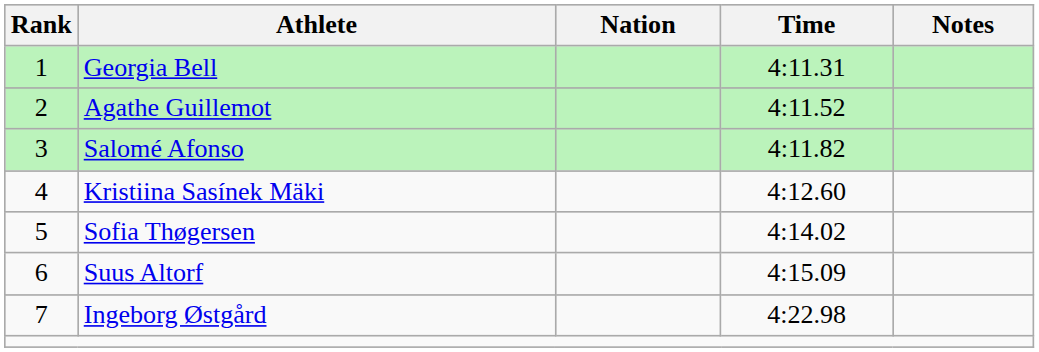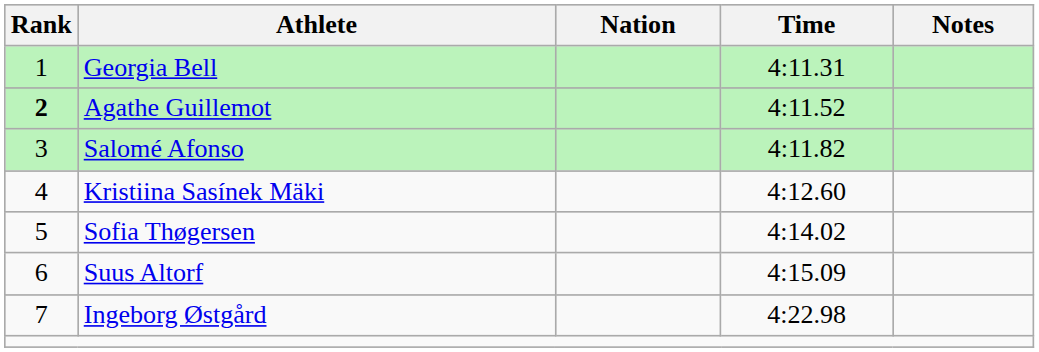 <table class="wikitable sortable" style="text-align:center;width: 50%;">
 <tr>
 <th scope="col" style="width: 10px;">Rank</th>
 <th scope="col">Athlete</th>
 <th scope="col">Nation</th>
 <th scope="col">Time</th>
 <th scope="col">Notes</th>
 </tr>
 <tr bgcolor=bbf3bb>
 <td>1</td>
 <td align=left><a href='#'>Georgia Bell</a></td>
 <td align=left></td>
 <td>4:11.31</td>
 <td></td>
 </tr>
 <tr bgcolor=bbf3bb>
-<td>2</td>
+<td><strong>2</strong></td>
 <td align=left><a href='#'>Agathe Guillemot</a></td>
 <td align=left></td>
 <td>4:11.52</td>
 <td></td>
 </tr>
 <tr bgcolor=bbf3bb>
 <td>3</td>
 <td align=left><a href='#'>Salomé Afonso</a></td>
 <td align=left></td>
 <td>4:11.82</td>
 <td></td>
 </tr>
 <tr>
 <td>4</td>
 <td align=left><a href='#'>Kristiina Sasínek Mäki</a></td>
 <td align=left></td>
 <td>4:12.60</td>
 <td></td>
 </tr>
 <tr>
 <td>5</td>
 <td align=left><a href='#'>Sofia Thøgersen</a></td>
 <td align=left></td>
 <td>4:14.02</td>
 <td></td>
 </tr>
 <tr>
 <td>6</td>
 <td align=left><a href='#'>Suus Altorf</a></td>
 <td align=left></td>
 <td>4:15.09</td>
 <td></td>
 </tr>
 <tr>
 <td>7</td>
 <td align=left><a href='#'>Ingeborg Østgård</a></td>
 <td align=left></td>
 <td>4:22.98</td>
 <td></td>
 </tr>
 <tr class="sortbottom">
 <td colspan="5"></td>
 </tr>
 </table>
